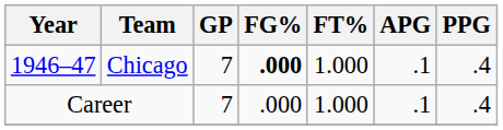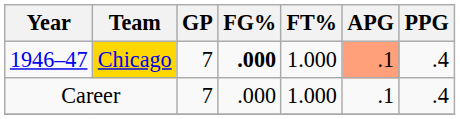 <table class="wikitable sortable" style="font-size:95%; text-align:right;">
 <tr>
 <th>Year</th>
 <th>Team</th>
 <th>GP</th>
 <th>FG%</th>
 <th>FT%</th>
 <th>APG</th>
 <th>PPG</th>
 </tr>
 <tr>
 <td style="text-align:left;"><a href='#'>1946–47</a></td>
-<td style="text-align:left;"><a href='#'>Chicago</a></td>
+<td style="background: gold; text-align:left;"><a href='#'>Chicago</a></td>
 <td>7</td>
 <td><strong>.000</strong></td>
 <td>1.000</td>
-<td>.1</td>
+<td style="background: lightsalmon;">.1</td>
 <td>.4</td>
 </tr>
 <tr>
 <td style="text-align:center;" colspan="2">Career</td>
 <td>7</td>
 <td>.000</td>
 <td>1.000</td>
 <td>.1</td>
 <td>.4</td>
 </tr>
 <tr>
 </tr>
 </table>
